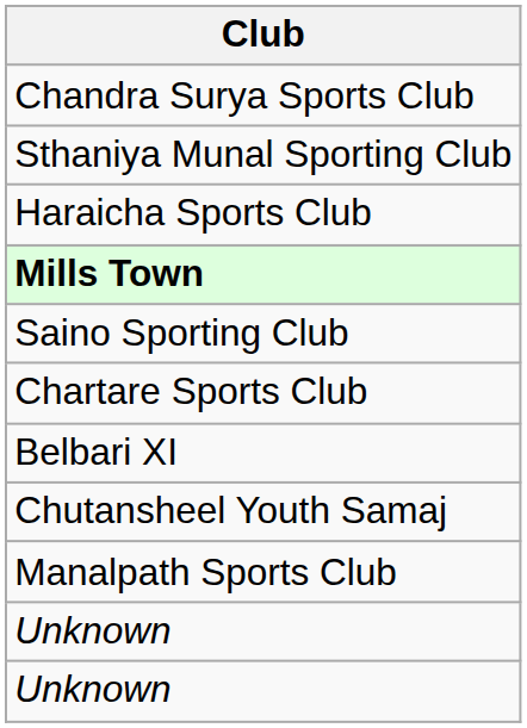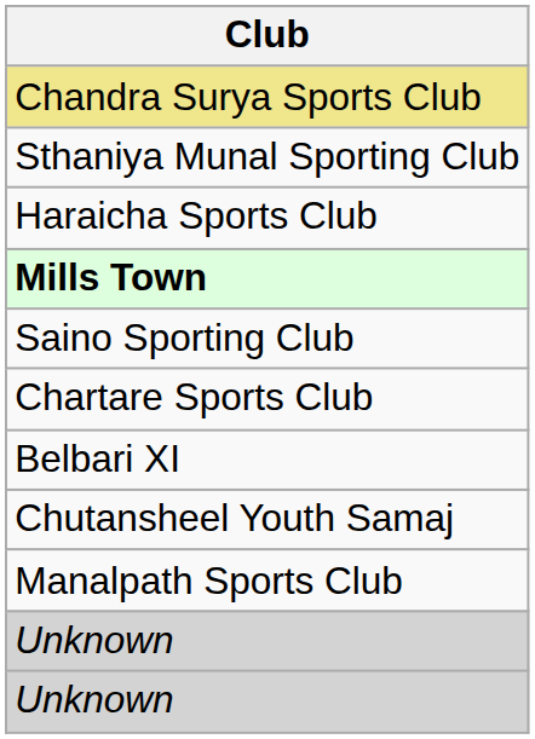 <table class="wikitable" border="1">
 <tr>
 <th>Club</th>
 </tr>
 <tr>
-<td>Chandra Surya Sports Club</td>
+<td style="background: khaki;">Chandra Surya Sports Club</td>
 </tr>
 <tr>
 <td>Sthaniya Munal Sporting Club</td>
 </tr>
 <tr>
 <td>Haraicha Sports Club</td>
 </tr>
 <tr bgcolor=#dfd>
 <td><strong>Mills Town</strong></td>
 </tr>
 <tr>
 <td>Saino Sporting Club</td>
 </tr>
 <tr>
 <td>Chartare Sports Club</td>
 </tr>
 <tr>
 <td>Belbari XI</td>
 </tr>
 <tr>
 <td>Chutansheel Youth Samaj</td>
 </tr>
 <tr>
 <td>Manalpath Sports Club</td>
 </tr>
 <tr>
-<td><em>Unknown</em></td>
+<td style="background: lightgrey;"><em>Unknown</em></td>
 </tr>
 <tr>
-<td><em>Unknown</em></td>
+<td style="background: lightgrey;"><em>Unknown</em></td>
 </tr>
 </table>
